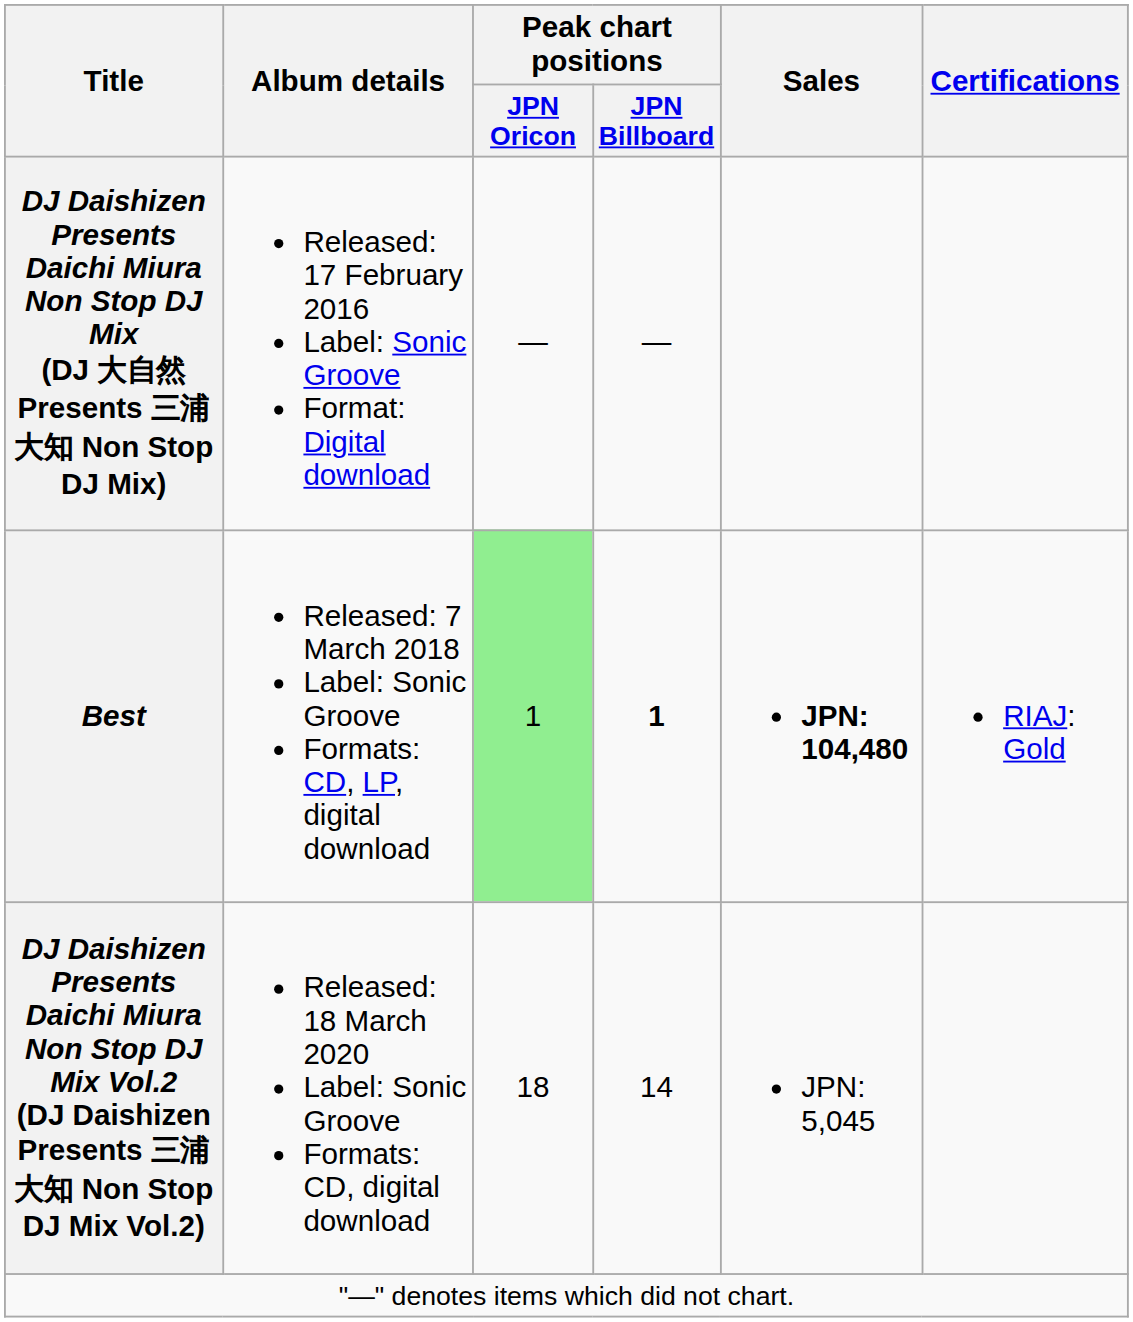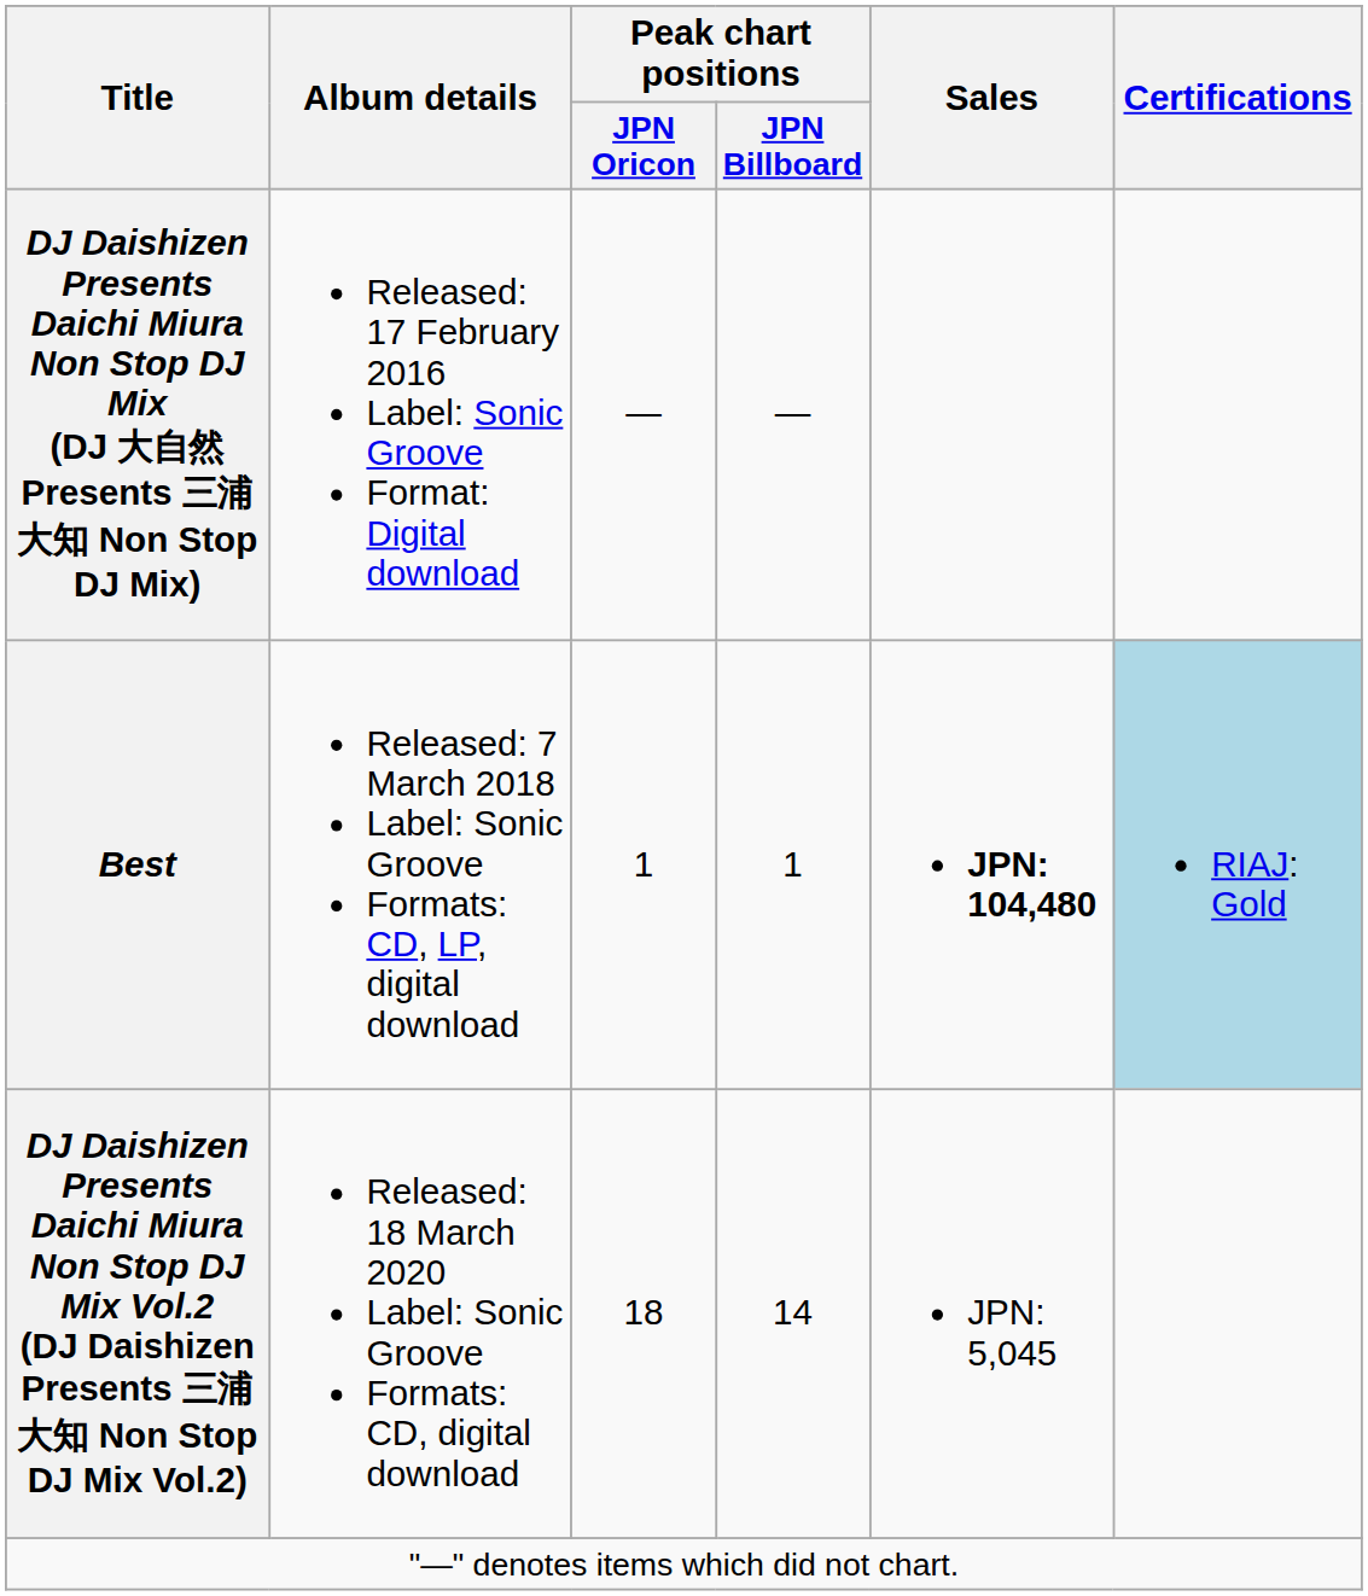 <table class="wikitable plainrowheaders">
 <tr>
 <th scope="col" rowspan="2">Title</th>
 <th scope="col" rowspan="2">Album details</th>
 <th scope="col" colspan="2">Peak chart positions</th>
 <th scope="col" rowspan="2">Sales</th>
 <th scope="col" rowspan="2"><a href='#'>Certifications</a></th>
 </tr>
 <tr>
 <th scope="col" style="width:4em;font-size:90%;"><a href='#'>JPN<br>Oricon</a><br></th>
 <th scope="col" style="width:4em;font-size:90%;"><a href='#'>JPN<br>Billboard</a><br></th>
 </tr>
 <tr>
 <th scope="row"><em>DJ Daishizen Presents Daichi Miura Non Stop DJ Mix</em><br>(DJ 大自然 Presents 三浦大知 Non Stop DJ Mix)</th>
 <td><br><ul><li>Released: 17 February 2016</li><li>Label: <a href='#'>Sonic Groove</a></li><li>Format: <a href='#'>Digital download</a></li></ul></td>
 <td align="center">—</td>
 <td align="center">—</td>
 <td></td>
 <td></td>
 </tr>
 <tr>
 <th scope="row"><em>Best</em></th>
 <td><br><ul><li>Released: 7 March 2018</li><li>Label: Sonic Groove</li><li>Formats: <a href='#'>CD</a>, <a href='#'>LP</a>, digital download</li></ul></td>
-<td align="center" style="background: lightgreen;">1</td>
-<td align="center"><strong>1</strong></td>
+<td align="center">1</td>
+<td align="center">1</td>
 <td><strong><br><ul><li>JPN: 104,480</li></ul></strong></td>
-<td><br><ul><li><a href='#'>RIAJ</a>: <a href='#'>Gold</a></li></ul></td>
+<td style="background: lightblue;"><br><ul><li><a href='#'>RIAJ</a>: <a href='#'>Gold</a></li></ul></td>
 </tr>
 <tr>
 <th scope="row"><em>DJ Daishizen Presents Daichi Miura Non Stop DJ Mix Vol.2</em><br>(DJ Daishizen Presents 三浦大知 Non Stop DJ Mix Vol.2)</th>
 <td><br><ul><li>Released: 18 March 2020</li><li>Label: Sonic Groove</li><li>Formats: CD, digital download</li></ul></td>
 <td align="center">18</td>
 <td align="center">14</td>
 <td><br><ul><li>JPN: 5,045</li></ul></td>
 <td></td>
 </tr>
 <tr>
 <td colspan="6" align="center" style="font-size:90%;">"—" denotes items which did not chart.</td>
 </tr>
 </table>
